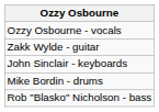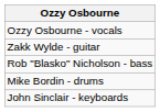 <table class="wikitable">
 <tr>
 <th>Ozzy Osbourne</th>
 </tr>
 <tr>
 <td>Ozzy Osbourne - vocals</td>
 </tr>
 <tr>
 <td>Zakk Wylde - guitar</td>
 </tr>
 <tr>
-<td>John Sinclair - keyboards</td>
+<td>Rob "Blasko" Nicholson - bass</td>
 </tr>
 <tr>
 <td>Mike Bordin - drums</td>
 </tr>
 <tr>
-<td>Rob "Blasko" Nicholson - bass</td>
+<td>John Sinclair - keyboards</td>
 </tr>
 </table>
